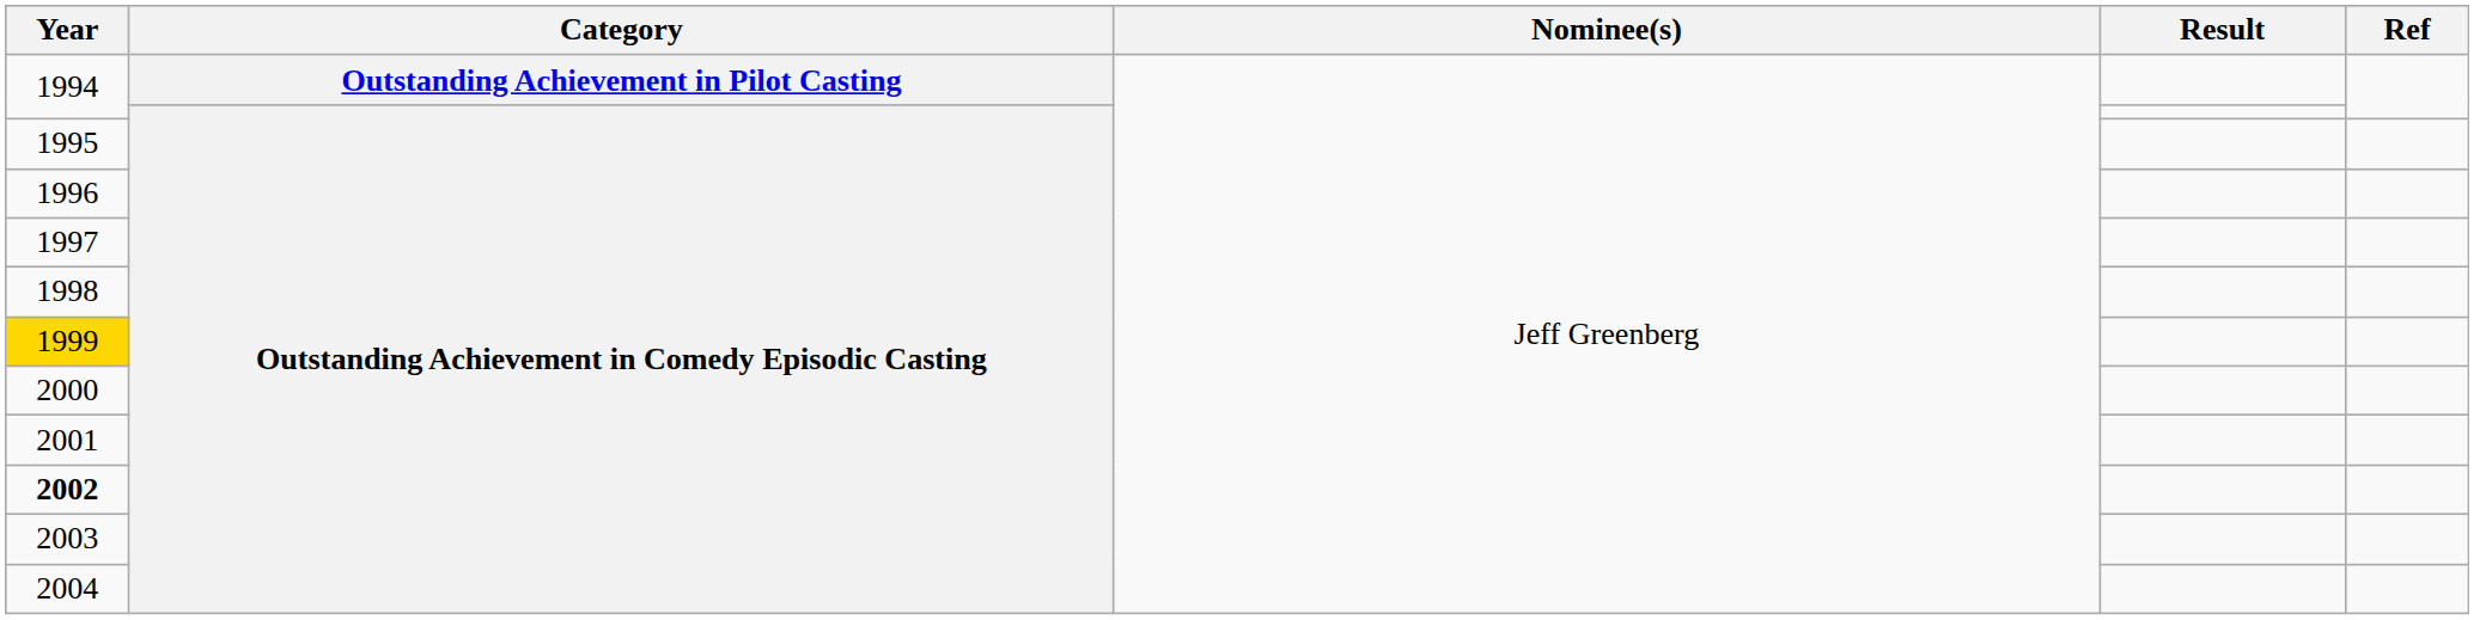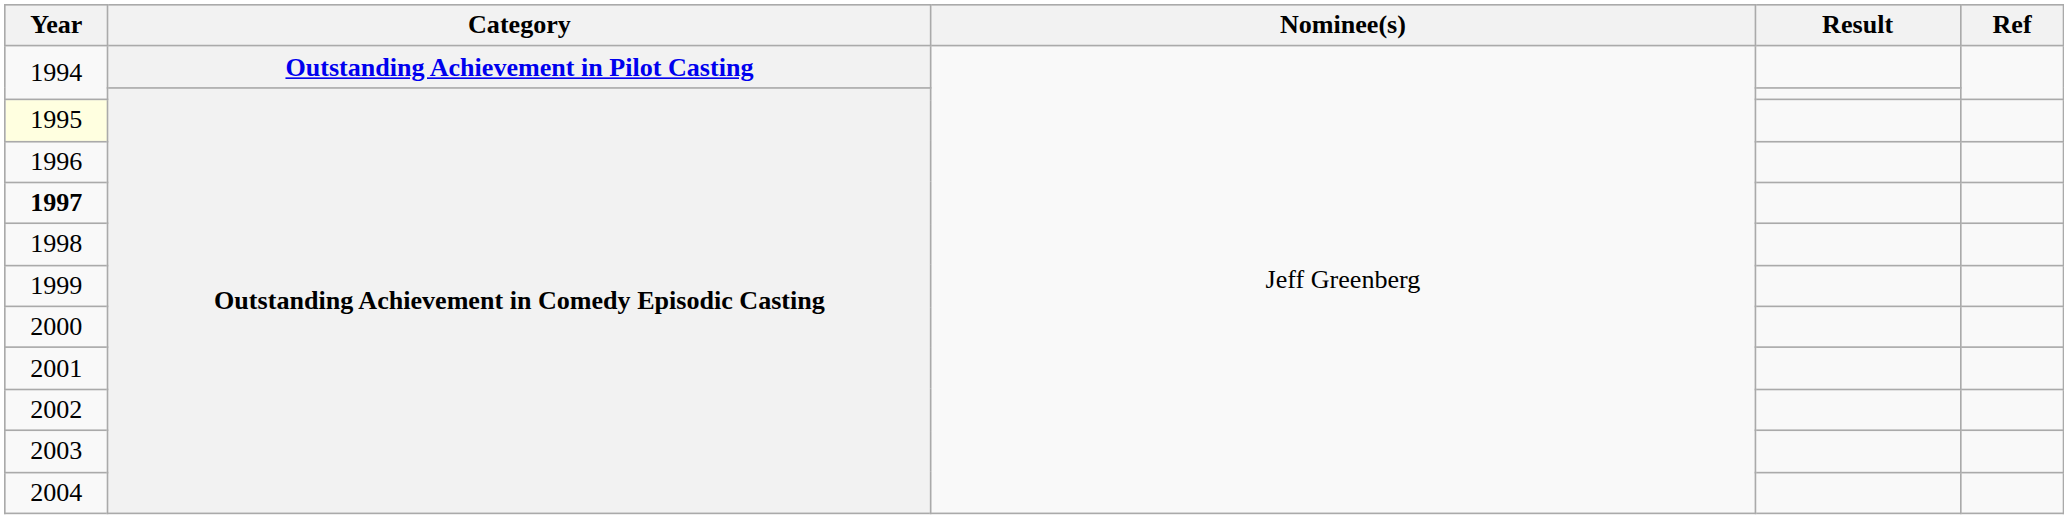 <table class="wikitable plainrowheaders" style="font-size: 100%; text-align:center" width=100%>
 <tr>
 <th scope="col" width="5%">Year</th>
 <th scope="col" width="40%">Category</th>
 <th scope="col" width="40%">Nominee(s)</th>
 <th scope="col" width="10%">Result</th>
 <th scope="col" width="5%">Ref</th>
 </tr>
 <tr>
 <td rowspan="2">1994</td>
 <th scope="row" style="text-align:center"><a href='#'>Outstanding Achievement in Pilot Casting</a></th>
 <td rowspan="12">Jeff Greenberg</td>
 <td></td>
 <td rowspan="2"></td>
 </tr>
 <tr>
 <th scope="row" style="text-align:center" rowspan="11">Outstanding Achievement in Comedy Episodic Casting</th>
 <td></td>
 </tr>
 <tr>
-<td>1995</td>
+<td style="background: lightyellow;">1995</td>
 <td></td>
 <td></td>
 </tr>
 <tr>
 <td>1996</td>
 <td></td>
 <td></td>
 </tr>
 <tr>
-<td>1997</td>
+<td><strong>1997</strong></td>
 <td></td>
 <td></td>
 </tr>
 <tr>
 <td>1998</td>
 <td></td>
 <td></td>
 </tr>
 <tr>
-<td style="background: gold;">1999</td>
+<td>1999</td>
 <td></td>
 <td></td>
 </tr>
 <tr>
 <td>2000</td>
 <td></td>
 <td></td>
 </tr>
 <tr>
 <td>2001</td>
 <td></td>
 <td></td>
 </tr>
 <tr>
-<td><strong>2002</strong></td>
+<td>2002</td>
 <td></td>
 <td></td>
 </tr>
 <tr>
 <td>2003</td>
 <td></td>
 <td></td>
 </tr>
 <tr>
 <td>2004</td>
 <td></td>
 <td></td>
 </tr>
 </table>
